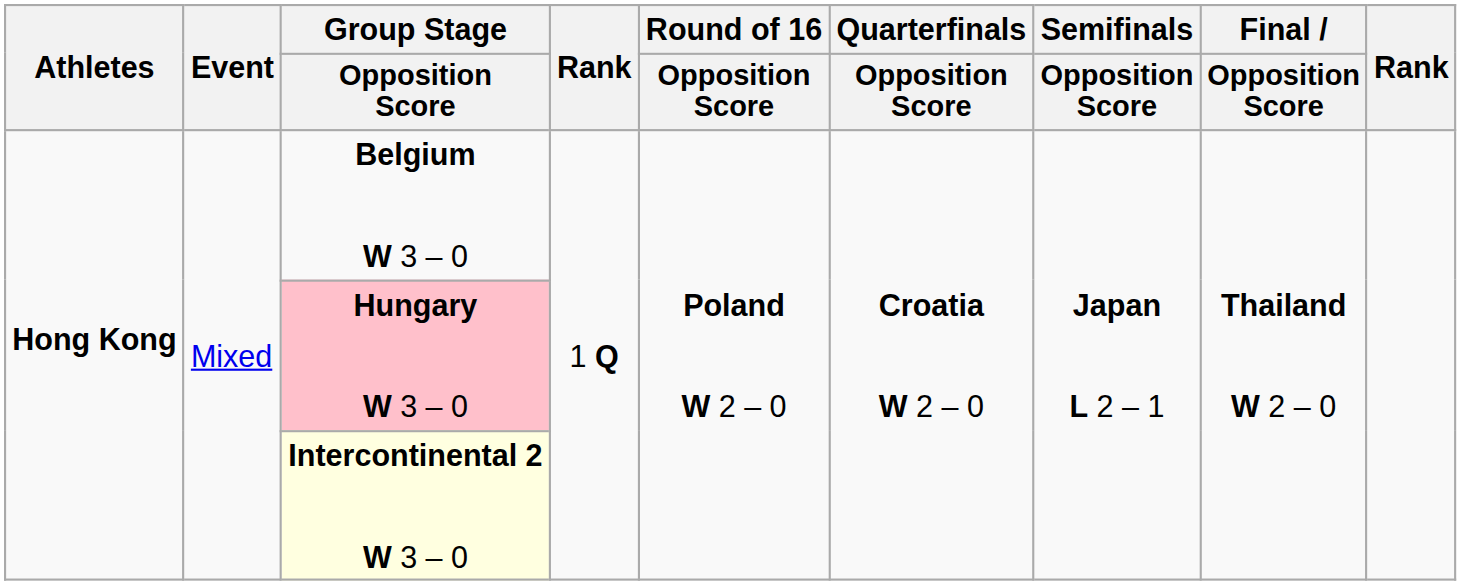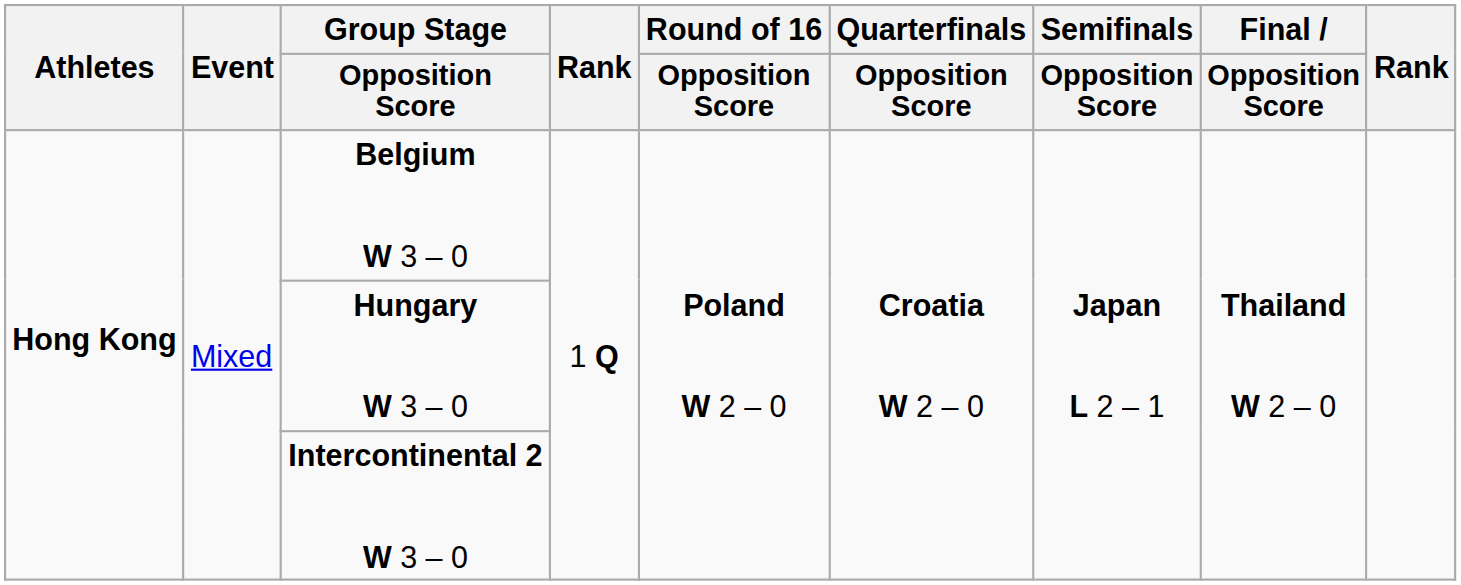 <table class=wikitable style="font-size:90%">
 <tr>
 <th rowspan="2">Athletes</th>
 <th rowspan="2">Event</th>
 <th>Group Stage</th>
 <th rowspan="2">Rank</th>
 <th>Round of 16</th>
 <th>Quarterfinals</th>
 <th>Semifinals</th>
 <th>Final / </th>
 <th rowspan=2>Rank</th>
 </tr>
 <tr style="font-size:95%">
 <th>Opposition<br>Score</th>
 <th>Opposition<br>Score</th>
 <th>Opposition<br>Score</th>
 <th>Opposition<br>Score</th>
 <th>Opposition<br>Score</th>
 </tr>
 <tr align=center>
 <td align=left rowspan=3><strong>Hong Kong</strong><br><br></td>
 <td align=left rowspan=3><a href='#'>Mixed</a></td>
 <td><strong>Belgium</strong><br><br><br><strong>W</strong> 3 – 0</td>
 <td rowspan=3>1 <strong>Q</strong></td>
 <td rowspan=3><strong>Poland</strong><br><br><br><strong>W</strong> 2 – 0</td>
 <td rowspan=3><strong>Croatia</strong><br><br><br><strong>W</strong> 2 – 0</td>
 <td rowspan=3><strong>Japan</strong><br><br><br><strong>L</strong> 2 – 1</td>
 <td rowspan=3><strong>Thailand</strong><br><br><br><strong>W</strong> 2 – 0</td>
 <td rowspan=3></td>
 </tr>
 <tr align=center>
-<td style="background: pink;"><strong>Hungary</strong><br><br><br><strong>W</strong> 3 – 0</td>
+<td><strong>Hungary</strong><br><br><br><strong>W</strong> 3 – 0</td>
 </tr>
 <tr align=center>
-<td style="background: lightyellow;"><strong>Intercontinental 2</strong><br><br><br><strong>W</strong> 3 – 0</td>
+<td><strong>Intercontinental 2</strong><br><br><br><strong>W</strong> 3 – 0</td>
 </tr>
 </table>
